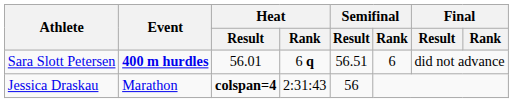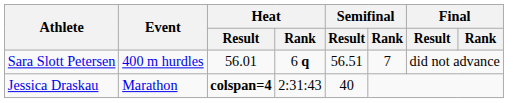 <table class="wikitable" style="font-size:90%">
 <tr>
 <th rowspan="2">Athlete</th>
 <th rowspan="2">Event</th>
 <th colspan="2">Heat</th>
 <th colspan="2">Semifinal</th>
 <th colspan="2">Final</th>
 </tr>
 <tr style="font-size:95%">
 <th>Result</th>
 <th>Rank</th>
 <th>Result</th>
 <th>Rank</th>
 <th>Result</th>
 <th>Rank</th>
 </tr>
 <tr align=center>
 <td align=left><a href='#'>Sara Slott Petersen</a></td>
-<td align=left><strong><a href='#'>400 m hurdles</a></strong></td>
+<td align=left><a href='#'>400 m hurdles</a></td>
 <td>56.01</td>
 <td>6 <strong>q</strong></td>
 <td>56.51</td>
-<td>6</td>
+<td>7</td>
 <td colspan="2">did not advance</td>
 </tr>
 <tr align=center>
 <td align=left><a href='#'>Jessica Draskau</a></td>
 <td align=left><a href='#'>Marathon</a></td>
 <td><strong>colspan=4 </strong></td>
 <td>2:31:43</td>
-<td>56</td>
+<td>40</td>
 </tr>
 </table>
